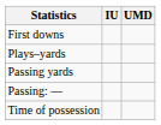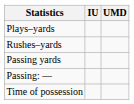 <table class="wikitable" style="float:left">
 <tr>
 <th>Statistics</th>
 <th>IU</th>
 <th>UMD</th>
 </tr>
 <tr>
-<td>First downs</td>
+<td>Plays–yards</td>
 <td></td>
 <td></td>
 </tr>
 <tr>
-<td>Plays–yards</td>
+<td>Rushes–yards</td>
 <td></td>
 <td></td>
 </tr>
 <tr>
 <td>Passing yards</td>
 <td></td>
 <td></td>
 </tr>
 <tr>
 <td>Passing: ––</td>
 <td></td>
 <td></td>
 </tr>
 <tr>
 <td>Time of possession</td>
 <td></td>
 <td></td>
 </tr>
 </table>
